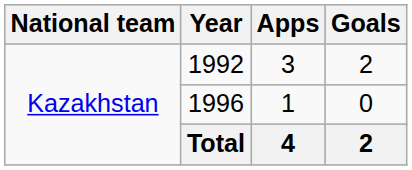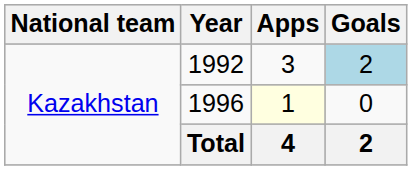 <table class="wikitable" style="text-align: center;">
 <tr>
 <th>National team</th>
 <th>Year</th>
 <th>Apps</th>
 <th>Goals</th>
 </tr>
 <tr>
 <td rowspan="3" valign="center"><a href='#'>Kazakhstan</a></td>
 <td>1992</td>
 <td>3</td>
-<td>2</td>
+<td style="background: lightblue;">2</td>
 </tr>
 <tr>
 <td>1996</td>
-<td>1</td>
+<td style="background: lightyellow;">1</td>
 <td>0</td>
 </tr>
 <tr>
 <th colspan="1">Total</th>
 <th>4</th>
 <th>2</th>
 </tr>
 </table>
